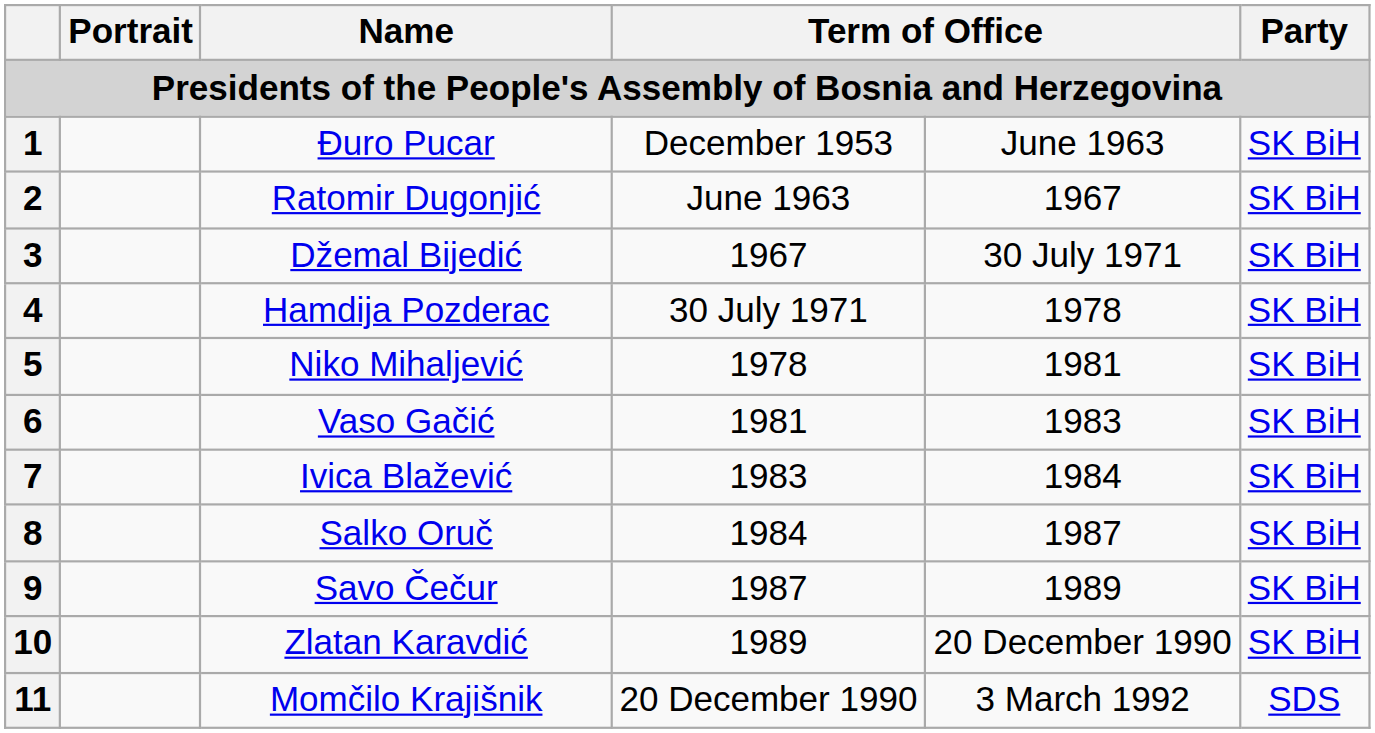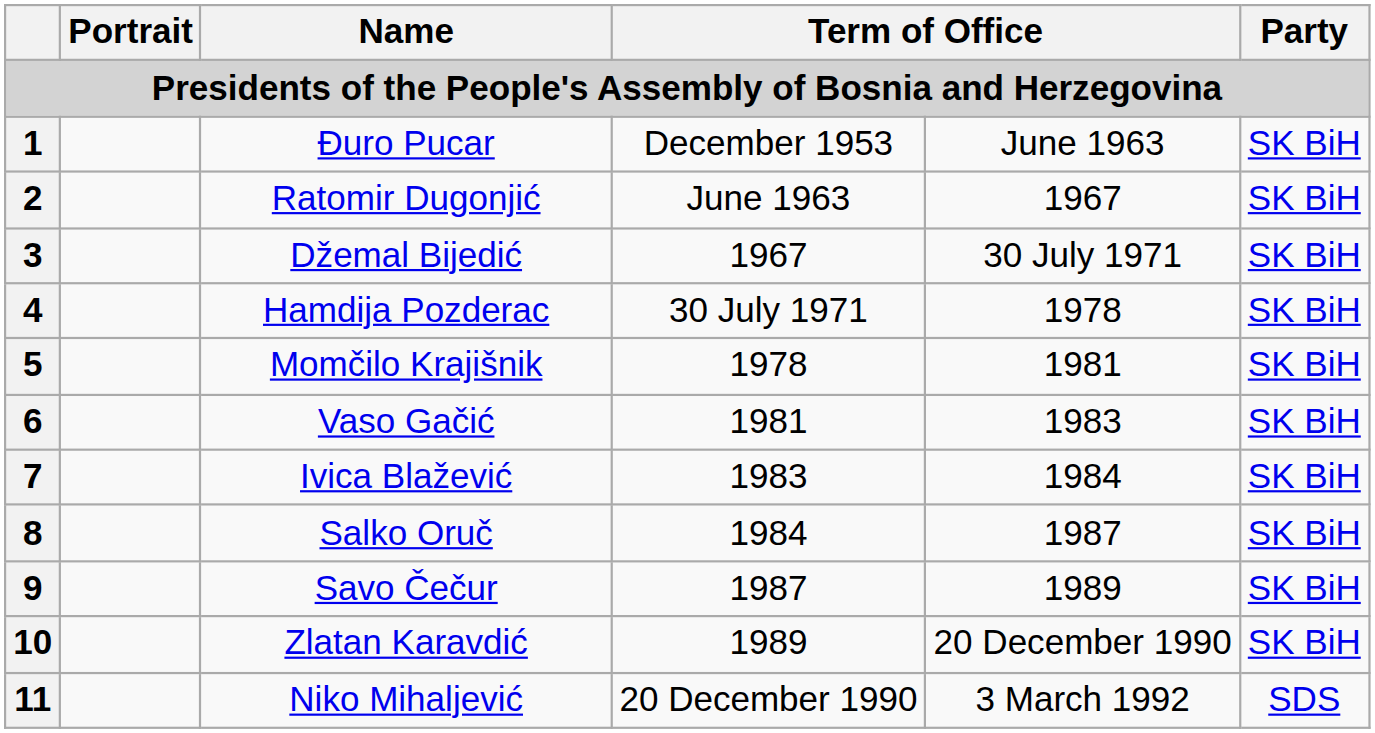 <table class="wikitable" style="text-align:center">
 <tr ->
 <th></th>
 <th>Portrait</th>
 <th width=180>Name<br></th>
 <th colspan=2>Term of Office</th>
 <th>Party</th>
 </tr>
 <tr ->
 <td colspan="6" bgcolor="lightgrey" align=center><strong>Presidents of the People's Assembly of Bosnia and Herzegovina</strong></td>
 </tr>
 <tr ->
 <th style="background:">1</th>
 <td></td>
 <td><a href='#'>Đuro Pucar</a><br></td>
 <td>December 1953</td>
 <td>June 1963</td>
 <td><a href='#'>SK BiH</a></td>
 </tr>
 <tr ->
 <th style="background:">2</th>
 <td></td>
 <td><a href='#'>Ratomir Dugonjić</a><br></td>
 <td>June 1963</td>
 <td>1967</td>
 <td><a href='#'>SK BiH</a></td>
 </tr>
 <tr ->
 <th style="background:">3</th>
 <td></td>
 <td><a href='#'>Džemal Bijedić</a><br></td>
 <td>1967</td>
 <td>30 July 1971</td>
 <td><a href='#'>SK BiH</a></td>
 </tr>
 <tr ->
 <th style="background:">4</th>
 <td></td>
 <td><a href='#'>Hamdija Pozderac</a><br></td>
 <td>30 July 1971</td>
 <td>1978</td>
 <td><a href='#'>SK BiH</a></td>
 </tr>
 <tr ->
 <th style="background:">5</th>
 <td></td>
-<td><a href='#'>Niko Mihaljević</a></td>
+<td><a href='#'>Momčilo Krajišnik</a><br></td>
 <td>1978</td>
 <td>1981</td>
 <td><a href='#'>SK BiH</a></td>
 </tr>
 <tr ->
 <th style="background:">6</th>
 <td></td>
 <td><a href='#'>Vaso Gačić</a></td>
 <td>1981</td>
 <td>1983</td>
 <td><a href='#'>SK BiH</a></td>
 </tr>
 <tr ->
 <th style="background:">7</th>
 <td></td>
 <td><a href='#'>Ivica Blažević</a></td>
 <td>1983</td>
 <td>1984</td>
 <td><a href='#'>SK BiH</a></td>
 </tr>
 <tr ->
 <th style="background:">8</th>
 <td></td>
 <td><a href='#'>Salko Oruč</a></td>
 <td>1984</td>
 <td>1987</td>
 <td><a href='#'>SK BiH</a></td>
 </tr>
 <tr ->
 <th style="background:">9</th>
 <td></td>
 <td><a href='#'>Savo Čečur</a></td>
 <td>1987</td>
 <td>1989</td>
 <td><a href='#'>SK BiH</a></td>
 </tr>
 <tr ->
 <th style="background:">10</th>
 <td></td>
 <td><a href='#'>Zlatan Karavdić</a></td>
 <td>1989</td>
 <td>20 December 1990</td>
 <td><a href='#'>SK BiH</a></td>
 </tr>
 <tr ->
 <th style="background:">11</th>
 <td></td>
-<td><a href='#'>Momčilo Krajišnik</a><br></td>
+<td><a href='#'>Niko Mihaljević</a></td>
 <td>20 December 1990</td>
 <td>3 March 1992</td>
 <td><a href='#'>SDS</a></td>
 </tr>
 </table>
